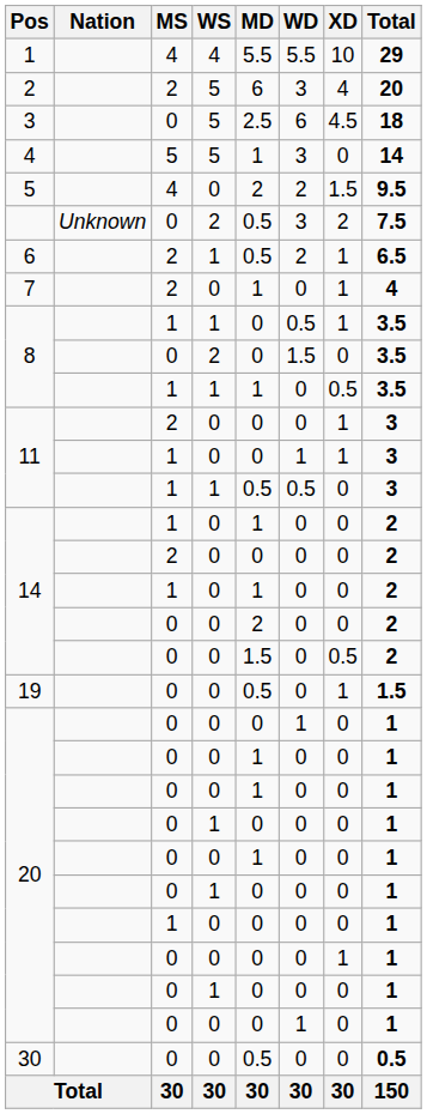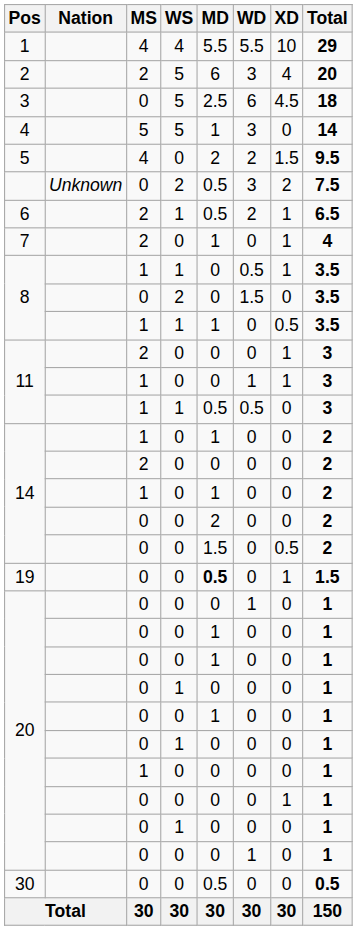 <table class="wikitable" style="text-align:center">
 <tr>
 <th>Pos</th>
 <th>Nation</th>
 <th>MS</th>
 <th>WS</th>
 <th>MD</th>
 <th>WD</th>
 <th>XD</th>
 <th>Total</th>
 </tr>
 <tr>
 <td>1</td>
 <td align=left></td>
 <td>4</td>
 <td>4</td>
 <td>5.5</td>
 <td>5.5</td>
 <td>10</td>
 <td><strong>29</strong></td>
 </tr>
 <tr>
 <td>2</td>
 <td align=left></td>
 <td>2</td>
 <td>5</td>
 <td>6</td>
 <td>3</td>
 <td>4</td>
 <td><strong>20</strong></td>
 </tr>
 <tr>
 <td>3</td>
 <td align=left><strong></strong></td>
 <td>0</td>
 <td>5</td>
 <td>2.5</td>
 <td>6</td>
 <td>4.5</td>
 <td><strong>18</strong></td>
 </tr>
 <tr>
 <td>4</td>
 <td align=left></td>
 <td>5</td>
 <td>5</td>
 <td>1</td>
 <td>3</td>
 <td>0</td>
 <td><strong>14</strong></td>
 </tr>
 <tr>
 <td>5</td>
 <td align=left></td>
 <td>4</td>
 <td>0</td>
 <td>2</td>
 <td>2</td>
 <td>1.5</td>
 <td><strong>9.5</strong></td>
 </tr>
 <tr>
 <td></td>
 <td align=left><em>Unknown</em></td>
 <td>0</td>
 <td>2</td>
 <td>0.5</td>
 <td>3</td>
 <td>2</td>
 <td><strong>7.5</strong></td>
 </tr>
 <tr>
 <td>6</td>
 <td align=left></td>
 <td>2</td>
 <td>1</td>
 <td>0.5</td>
 <td>2</td>
 <td>1</td>
 <td><strong>6.5</strong></td>
 </tr>
 <tr>
 <td>7</td>
 <td align=left></td>
 <td>2</td>
 <td>0</td>
 <td>1</td>
 <td>0</td>
 <td>1</td>
 <td><strong>4</strong></td>
 </tr>
 <tr>
 <td rowspan=3>8</td>
 <td align=left></td>
 <td>1</td>
 <td>1</td>
 <td>0</td>
 <td>0.5</td>
 <td>1</td>
 <td><strong>3.5</strong></td>
 </tr>
 <tr>
 <td align=left></td>
 <td>0</td>
 <td>2</td>
 <td>0</td>
 <td>1.5</td>
 <td>0</td>
 <td><strong>3.5</strong></td>
 </tr>
 <tr>
 <td align=left></td>
 <td>1</td>
 <td>1</td>
 <td>1</td>
 <td>0</td>
 <td>0.5</td>
 <td><strong>3.5</strong></td>
 </tr>
 <tr>
 <td rowspan=3>11</td>
 <td align=left></td>
 <td>2</td>
 <td>0</td>
 <td>0</td>
 <td>0</td>
 <td>1</td>
 <td><strong>3</strong></td>
 </tr>
 <tr>
 <td align=left></td>
 <td>1</td>
 <td>0</td>
 <td>0</td>
 <td>1</td>
 <td>1</td>
 <td><strong>3</strong></td>
 </tr>
 <tr>
 <td align=left></td>
 <td>1</td>
 <td>1</td>
 <td>0.5</td>
 <td>0.5</td>
 <td>0</td>
 <td><strong>3</strong></td>
 </tr>
 <tr>
 <td rowspan=5>14</td>
 <td align=left></td>
 <td>1</td>
 <td>0</td>
 <td>1</td>
 <td>0</td>
 <td>0</td>
 <td><strong>2</strong></td>
 </tr>
 <tr>
 <td align=left></td>
 <td>2</td>
 <td>0</td>
 <td>0</td>
 <td>0</td>
 <td>0</td>
 <td><strong>2</strong></td>
 </tr>
 <tr>
 <td align=left></td>
 <td>1</td>
 <td>0</td>
 <td>1</td>
 <td>0</td>
 <td>0</td>
 <td><strong>2</strong></td>
 </tr>
 <tr>
 <td align=left></td>
 <td>0</td>
 <td>0</td>
 <td>2</td>
 <td>0</td>
 <td>0</td>
 <td><strong>2</strong></td>
 </tr>
 <tr>
 <td align=left></td>
 <td>0</td>
 <td>0</td>
 <td>1.5</td>
 <td>0</td>
 <td>0.5</td>
 <td><strong>2</strong></td>
 </tr>
 <tr>
 <td>19</td>
 <td align=left></td>
 <td>0</td>
 <td>0</td>
-<td>0.5</td>
+<td><strong>0.5</strong></td>
 <td>0</td>
 <td>1</td>
 <td><strong>1.5</strong></td>
 </tr>
 <tr>
 <td rowspan=10>20</td>
 <td align=left></td>
 <td>0</td>
 <td>0</td>
 <td>0</td>
 <td>1</td>
 <td>0</td>
 <td><strong>1</strong></td>
 </tr>
 <tr>
 <td align=left></td>
 <td>0</td>
 <td>0</td>
 <td>1</td>
 <td>0</td>
 <td>0</td>
 <td><strong>1</strong></td>
 </tr>
 <tr>
 <td align=left></td>
 <td>0</td>
 <td>0</td>
 <td>1</td>
 <td>0</td>
 <td>0</td>
 <td><strong>1</strong></td>
 </tr>
 <tr>
 <td align=left></td>
 <td>0</td>
 <td>1</td>
 <td>0</td>
 <td>0</td>
 <td>0</td>
 <td><strong>1</strong></td>
 </tr>
 <tr>
 <td align=left></td>
 <td>0</td>
 <td>0</td>
 <td>1</td>
 <td>0</td>
 <td>0</td>
 <td><strong>1</strong></td>
 </tr>
 <tr>
 <td align=left></td>
 <td>0</td>
 <td>1</td>
 <td>0</td>
 <td>0</td>
 <td>0</td>
 <td><strong>1</strong></td>
 </tr>
 <tr>
 <td align=left></td>
 <td>1</td>
 <td>0</td>
 <td>0</td>
 <td>0</td>
 <td>0</td>
 <td><strong>1</strong></td>
 </tr>
 <tr>
 <td align=left></td>
 <td>0</td>
 <td>0</td>
 <td>0</td>
 <td>0</td>
 <td>1</td>
 <td><strong>1</strong></td>
 </tr>
 <tr>
 <td align=left></td>
 <td>0</td>
 <td>1</td>
 <td>0</td>
 <td>0</td>
 <td>0</td>
 <td><strong>1</strong></td>
 </tr>
 <tr>
 <td align=left></td>
 <td>0</td>
 <td>0</td>
 <td>0</td>
 <td>1</td>
 <td>0</td>
 <td><strong>1</strong></td>
 </tr>
 <tr>
 <td>30</td>
 <td align=left></td>
 <td>0</td>
 <td>0</td>
 <td>0.5</td>
 <td>0</td>
 <td>0</td>
 <td><strong>0.5</strong></td>
 </tr>
 <tr>
 <th colspan="2">Total</th>
 <th>30</th>
 <th>30</th>
 <th>30</th>
 <th>30</th>
 <th>30</th>
 <th>150</th>
 </tr>
 </table>
